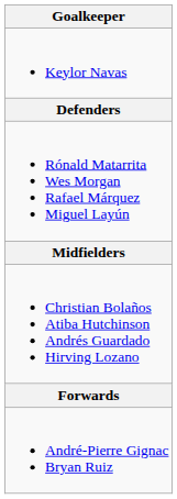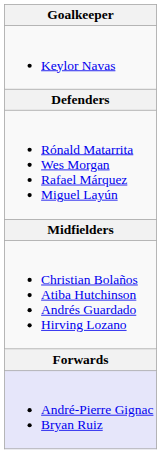 <table class="wikitable">
 <tr>
 <th>Goalkeeper</th>
 </tr>
 <tr>
 <td><br><ul><li><a href='#'>Keylor Navas</a></li></ul></td>
 </tr>
 <tr>
 <th>Defenders</th>
 </tr>
 <tr>
 <td><br><ul><li><a href='#'>Rónald Matarrita</a></li><li><a href='#'>Wes Morgan</a></li><li><a href='#'>Rafael Márquez</a></li><li><a href='#'>Miguel Layún</a></li></ul></td>
 </tr>
 <tr>
 <th>Midfielders</th>
 </tr>
 <tr>
 <td><br><ul><li><a href='#'>Christian Bolaños</a></li><li><a href='#'>Atiba Hutchinson</a></li><li><a href='#'>Andrés Guardado</a></li><li><a href='#'>Hirving Lozano</a></li></ul></td>
 </tr>
 <tr>
 <th>Forwards</th>
 </tr>
 <tr>
-<td><br><ul><li><a href='#'>André-Pierre Gignac</a></li><li><a href='#'>Bryan Ruiz</a></li></ul></td>
+<td style="background: lavender;"><br><ul><li><a href='#'>André-Pierre Gignac</a></li><li><a href='#'>Bryan Ruiz</a></li></ul></td>
 </tr>
 </table>
